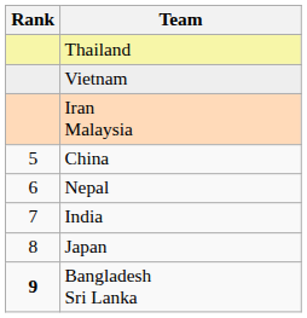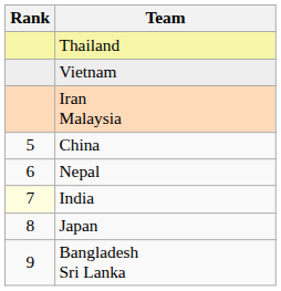 <table class="wikitable" style="text-align:center;">
 <tr>
 <th width=40>Rank</th>
 <th width=200>Team</th>
 </tr>
 <tr bgcolor=#f7f6a8>
 <td></td>
 <td style="text-align:left;">Thailand</td>
 </tr>
 <tr bgcolor=#EEEEEE>
 <td></td>
 <td style="text-align:left;">Vietnam</td>
 </tr>
 <tr bgcolor=#ffdab9>
 <td></td>
 <td style="text-align:left;">Iran<br>Malaysia</td>
 </tr>
 <tr>
 <td>5</td>
 <td style="text-align:left;">China</td>
 </tr>
 <tr>
 <td>6</td>
 <td style="text-align:left;">Nepal</td>
 </tr>
 <tr>
-<td>7</td>
+<td style="background: lightyellow;">7</td>
 <td style="text-align:left;">India</td>
 </tr>
 <tr>
 <td>8</td>
 <td style="text-align:left;">Japan</td>
 </tr>
 <tr>
-<td><strong>9</strong></td>
+<td>9</td>
 <td style="text-align:left;">Bangladesh<br>Sri Lanka</td>
 </tr>
 </table>
